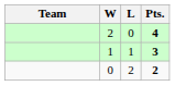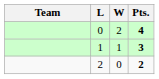 <table class=wikitable style=text-align:center;>
 <tr>
 <th width=120px>Team</th>
+<th width=20px>L</th>
 <th width=20px>W</th>
-<th width=20px>L</th>
 <th width=30px>Pts.</th>
 </tr>
 <tr bgcolor="#ccffcc">
 <td align=left></td>
+<td>0</td>
 <td>2</td>
-<td>0</td>
 <td><strong>4</strong></td>
 </tr>
 <tr bgcolor="#ccffcc">
 <td align=left></td>
 <td>1</td>
 <td>1</td>
 <td><strong>3</strong></td>
 </tr>
 <tr>
 <td align=left></td>
+<td>2</td>
 <td>0</td>
-<td>2</td>
 <td><strong>2</strong></td>
 </tr>
 </table>
